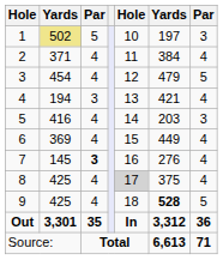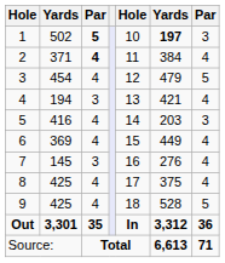 <table class="wikitable" style="text-align:center;">
 <tr>
 <th>Hole</th>
 <th>Yards</th>
 <th>Par</th>
 <th></th>
 <th>Hole</th>
 <th>Yards</th>
 <th>Par</th>
 </tr>
 <tr>
 <td>1</td>
-<td style="background: khaki;">502</td>
-<td>5</td>
+<td>502</td>
+<td><strong>5</strong></td>
 <td rowspan="10" style="background:#E6E8FA;"></td>
 <td>10</td>
-<td>197</td>
+<td><strong>197</strong></td>
 <td>3</td>
 </tr>
 <tr>
 <td>2</td>
 <td>371</td>
-<td>4</td>
+<td><strong>4</strong></td>
 <td>11</td>
 <td>384</td>
 <td>4</td>
 </tr>
 <tr>
 <td>3</td>
 <td>454</td>
 <td>4</td>
 <td>12</td>
 <td>479</td>
 <td>5</td>
 </tr>
 <tr>
 <td>4</td>
 <td>194</td>
 <td>3</td>
 <td>13</td>
 <td>421</td>
 <td>4</td>
 </tr>
 <tr>
 <td>5</td>
 <td>416</td>
 <td>4</td>
 <td>14</td>
 <td>203</td>
 <td>3</td>
 </tr>
 <tr>
 <td>6</td>
 <td>369</td>
 <td>4</td>
 <td>15</td>
 <td>449</td>
 <td>4</td>
 </tr>
 <tr>
 <td>7</td>
 <td>145</td>
-<td><strong>3</strong></td>
+<td>3</td>
 <td>16</td>
 <td>276</td>
 <td>4</td>
 </tr>
 <tr>
 <td>8</td>
 <td>425</td>
 <td>4</td>
-<td style="background: lightgrey;">17</td>
+<td>17</td>
 <td>375</td>
 <td>4</td>
 </tr>
 <tr>
 <td>9</td>
 <td>425</td>
 <td>4</td>
 <td>18</td>
-<td><strong>528</strong></td>
+<td>528</td>
 <td>5</td>
 </tr>
 <tr>
 <td><strong>Out</strong></td>
 <td><strong>3,301</strong></td>
 <td><strong>35</strong></td>
 <td><strong>In</strong></td>
 <td><strong>3,312</strong></td>
 <td><strong>36</strong></td>
 </tr>
 <tr>
 <td colspan="2" style="text-align:left;">Source:</td>
 <td colspan="3"><strong>Total</strong></td>
 <td><strong>6,613</strong></td>
 <td><strong>71</strong></td>
 </tr>
 </table>
